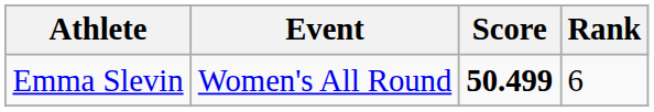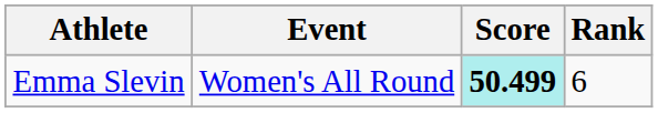 <table class="wikitable">
 <tr>
 <th>Athlete</th>
 <th>Event</th>
 <th>Score</th>
 <th>Rank</th>
 </tr>
 <tr>
 <td><a href='#'>Emma Slevin</a></td>
 <td><a href='#'>Women's All Round</a></td>
-<td><strong>50.499</strong></td>
+<td style="background: paleturquoise;"><strong>50.499</strong></td>
 <td>6</td>
 </tr>
 </table>
